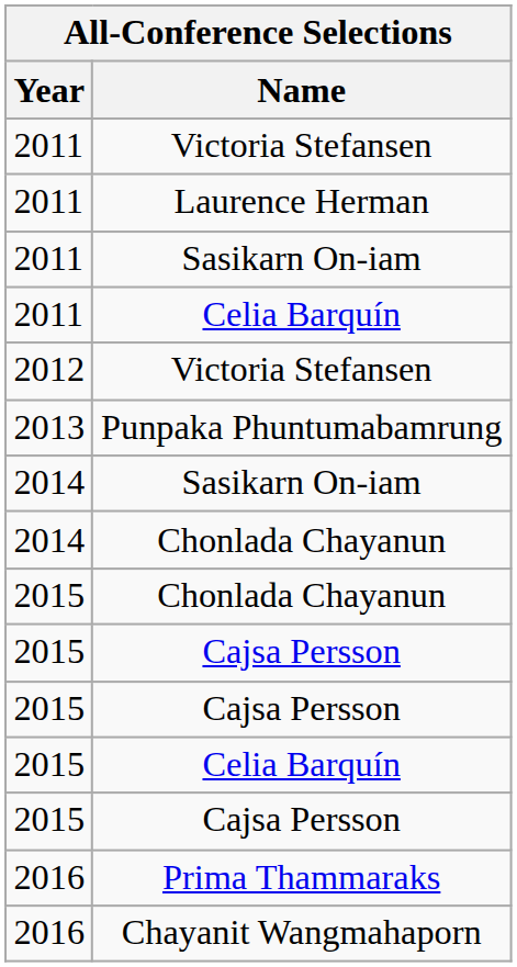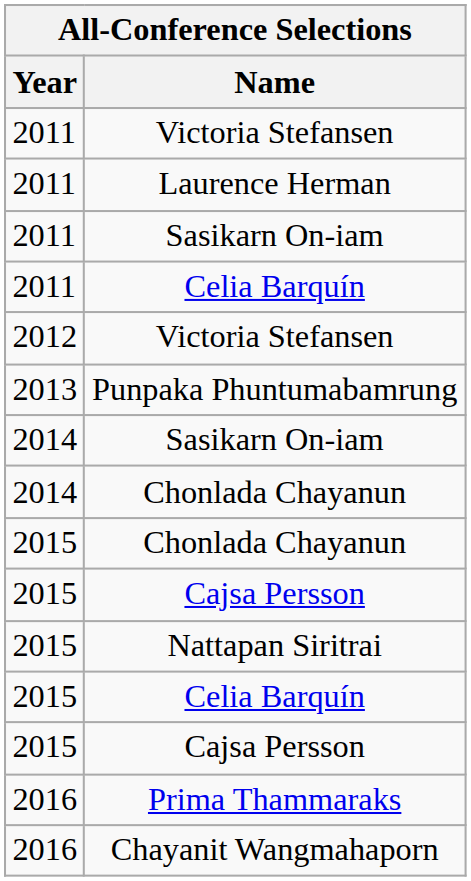 <table class="wikitable">
 <tr>
 <th colspan="2">All-Conference Selections</th>
 </tr>
 <tr>
 <th scope="col">Year</th>
 <th scope="col">Name</th>
 </tr>
 <tr>
 <td>2011</td>
 <td style="text-align: center;">Victoria Stefansen</td>
 </tr>
 <tr>
 <td>2011</td>
 <td style="text-align: center;">Laurence Herman</td>
 </tr>
 <tr>
 <td>2011</td>
 <td style="text-align: center;">Sasikarn On-iam</td>
 </tr>
 <tr>
 <td>2011</td>
 <td style="text-align: center;"><a href='#'>Celia Barquín</a></td>
 </tr>
 <tr>
 <td>2012</td>
 <td style="text-align: center;">Victoria Stefansen</td>
 </tr>
 <tr>
 <td>2013</td>
 <td style="text-align: center;">Punpaka Phuntumabamrung</td>
 </tr>
 <tr>
 <td>2014</td>
 <td style="text-align: center;">Sasikarn On-iam</td>
 </tr>
 <tr>
 <td>2014</td>
 <td style="text-align: center;">Chonlada Chayanun</td>
 </tr>
 <tr>
 <td>2015</td>
 <td style="text-align: center;">Chonlada Chayanun</td>
 </tr>
 <tr>
 <td>2015</td>
 <td style="text-align: center;"><a href='#'>Cajsa Persson</a></td>
 </tr>
 <tr>
 <td>2015</td>
-<td style="text-align: center;">Cajsa Persson</td>
+<td style="text-align: center;">Nattapan Siritrai</td>
 </tr>
 <tr>
 <td>2015</td>
 <td style="text-align: center;"><a href='#'>Celia Barquín</a></td>
 </tr>
 <tr>
 <td>2015</td>
 <td style="text-align: center;">Cajsa Persson</td>
 </tr>
 <tr>
 <td>2016</td>
 <td style="text-align: center;"><a href='#'>Prima Thammaraks</a></td>
 </tr>
 <tr>
 <td>2016</td>
 <td style="text-align: center;">Chayanit Wangmahaporn</td>
 </tr>
 </table>
